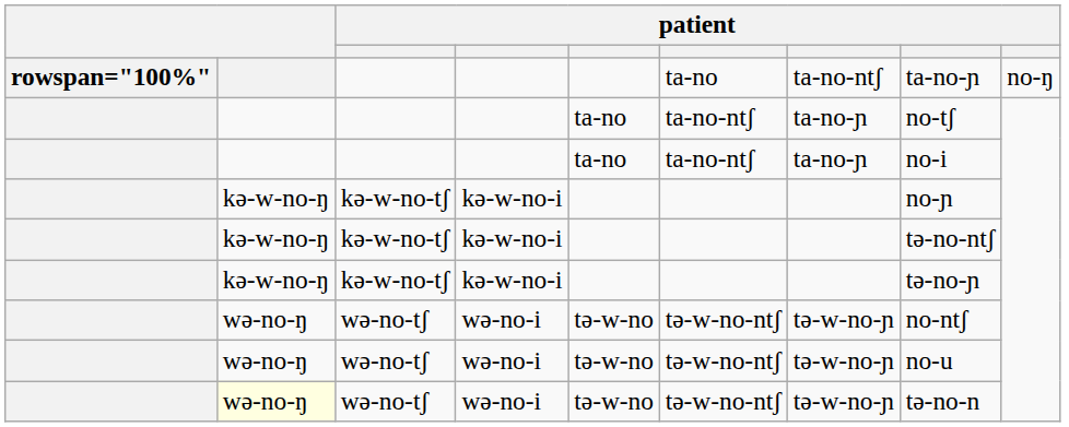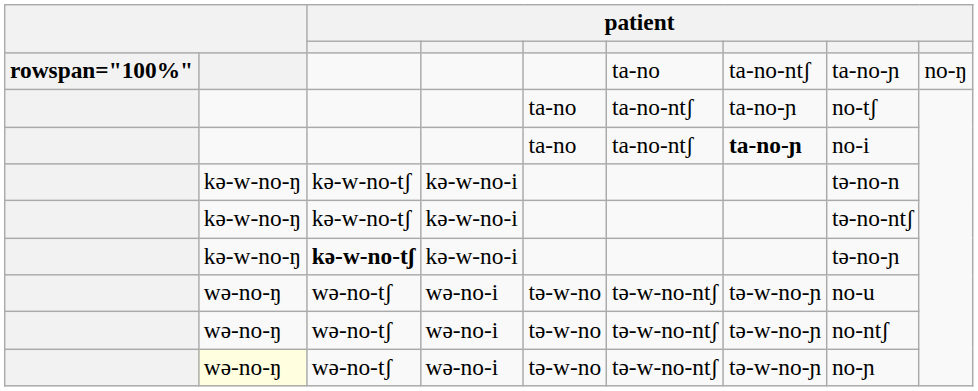 <table class="wikitable">
 <tr>
 <th colspan=2 rowspan=2></th>
 <th colspan="100%">patient</th>
 </tr>
 <tr>
 <th></th>
 <th></th>
 <th></th>
 <th></th>
 <th></th>
 <th></th>
 <th></th>
 </tr>
 <tr>
 <th>rowspan="100%" </th>
 <th></th>
 <td></td>
 <td></td>
 <td></td>
 <td>ta-no</td>
 <td>ta-no-ntʃ</td>
 <td>ta-no-ɲ</td>
 <td>no-ŋ</td>
 </tr>
 <tr>
 <th></th>
 <td></td>
 <td></td>
 <td></td>
 <td>ta-no</td>
 <td>ta-no-ntʃ</td>
 <td>ta-no-ɲ</td>
 <td>no-tʃ</td>
 </tr>
 <tr>
 <th></th>
 <td></td>
 <td></td>
 <td></td>
 <td>ta-no</td>
 <td>ta-no-ntʃ</td>
-<td>ta-no-ɲ</td>
+<td><strong>ta-no-ɲ</strong></td>
 <td>no-i</td>
 </tr>
 <tr>
 <th></th>
 <td>kə-w-no-ŋ</td>
 <td>kə-w-no-tʃ</td>
 <td>kə-w-no-i</td>
 <td></td>
 <td></td>
 <td></td>
-<td>no-ɲ</td>
+<td>tə-no-n</td>
 </tr>
 <tr>
 <th></th>
 <td>kə-w-no-ŋ</td>
 <td>kə-w-no-tʃ</td>
 <td>kə-w-no-i</td>
 <td></td>
 <td></td>
 <td></td>
 <td>tə-no-ntʃ</td>
 </tr>
 <tr>
 <th></th>
 <td>kə-w-no-ŋ</td>
-<td>kə-w-no-tʃ</td>
+<td><strong>kə-w-no-tʃ</strong></td>
 <td>kə-w-no-i</td>
 <td></td>
 <td></td>
 <td></td>
 <td>tə-no-ɲ</td>
 </tr>
 <tr>
 <th></th>
 <td>wə-no-ŋ</td>
 <td>wə-no-tʃ</td>
 <td>wə-no-i</td>
 <td>tə-w-no</td>
 <td>tə-w-no-ntʃ</td>
 <td>tə-w-no-ɲ</td>
-<td>no-ntʃ</td>
+<td>no-u</td>
 </tr>
 <tr>
 <th></th>
 <td>wə-no-ŋ</td>
 <td>wə-no-tʃ</td>
 <td>wə-no-i</td>
 <td>tə-w-no</td>
 <td>tə-w-no-ntʃ</td>
 <td>tə-w-no-ɲ</td>
-<td>no-u</td>
+<td>no-ntʃ</td>
 </tr>
 <tr>
 <th></th>
 <td style="background: lightyellow;">wə-no-ŋ</td>
 <td>wə-no-tʃ</td>
 <td>wə-no-i</td>
 <td>tə-w-no</td>
 <td>tə-w-no-ntʃ</td>
 <td>tə-w-no-ɲ</td>
-<td>tə-no-n</td>
+<td>no-ɲ</td>
 </tr>
 </table>
